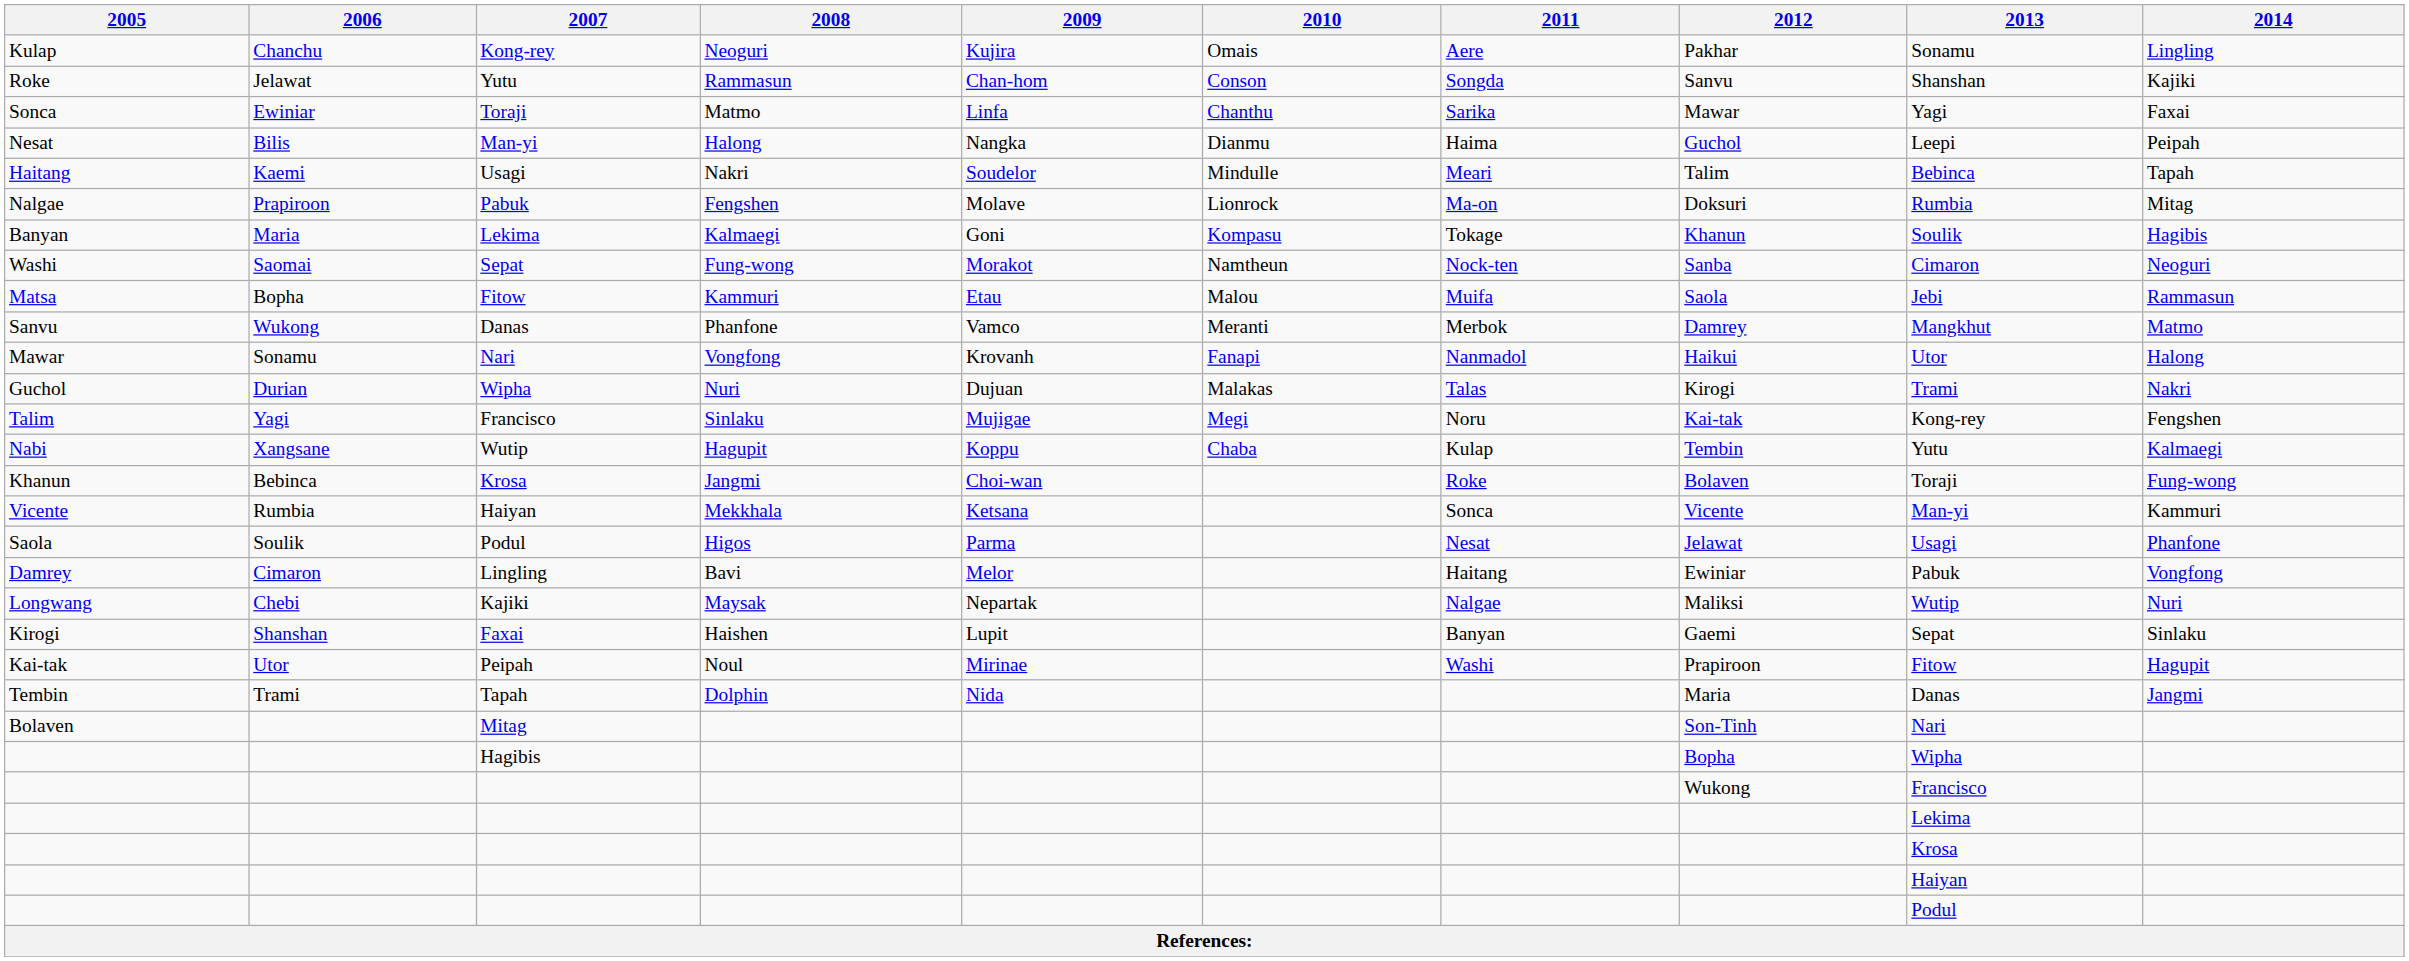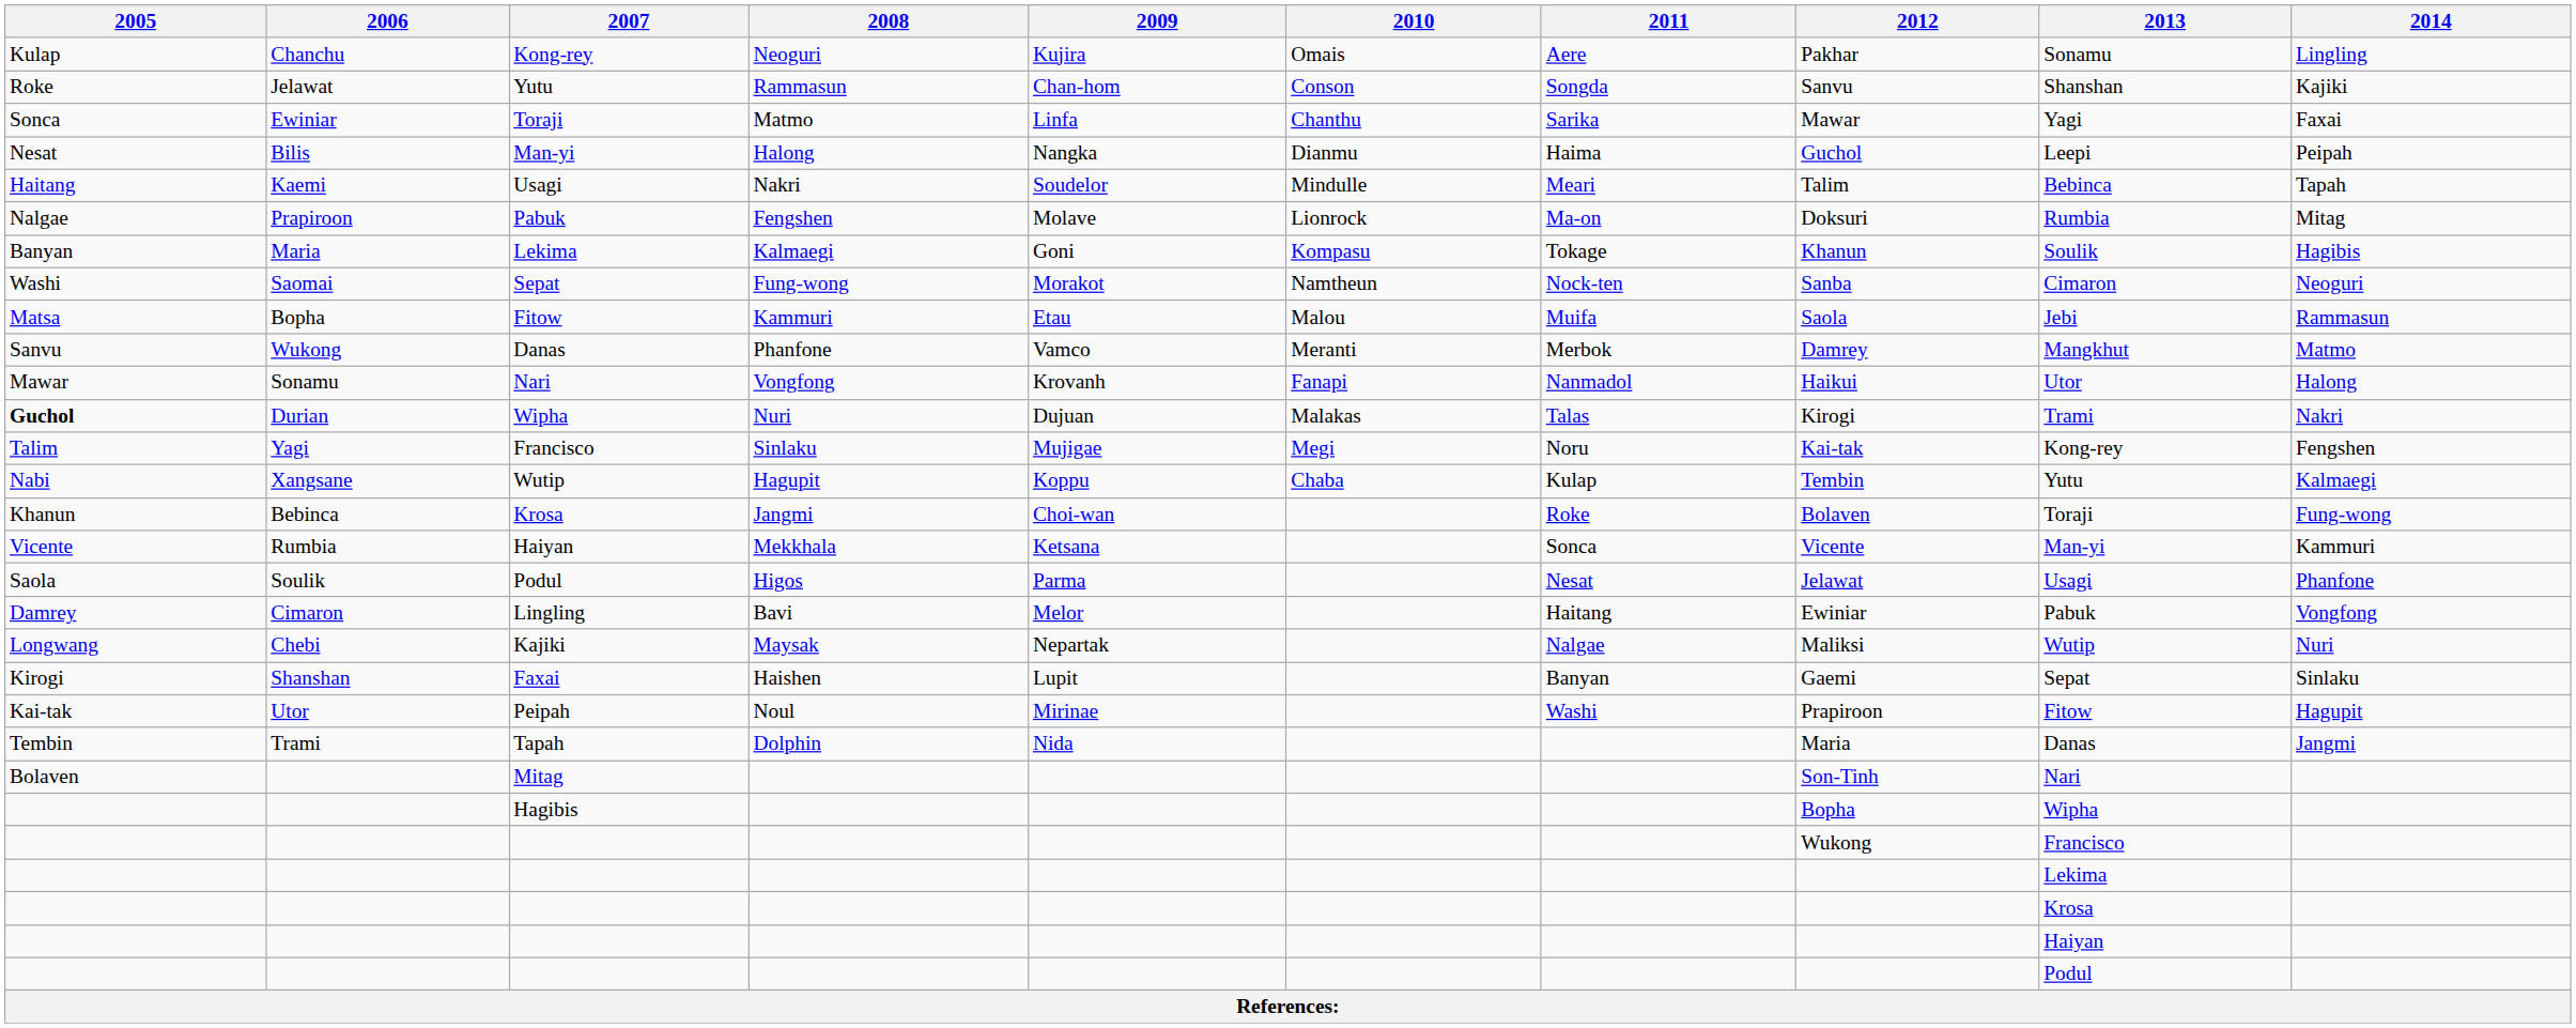 <table class="wikitable" width="100%">
 <tr>
 <th><a href='#'>2005</a></th>
 <th><a href='#'>2006</a></th>
 <th><a href='#'>2007</a></th>
 <th><a href='#'>2008</a></th>
 <th><a href='#'>2009</a></th>
 <th><a href='#'>2010</a></th>
 <th><a href='#'>2011</a></th>
 <th><a href='#'>2012</a></th>
 <th><a href='#'>2013</a></th>
 <th><a href='#'>2014</a></th>
 </tr>
 <tr>
 <td>Kulap</td>
 <td><a href='#'>Chanchu</a></td>
 <td><a href='#'>Kong-rey</a></td>
 <td><a href='#'>Neoguri</a></td>
 <td><a href='#'>Kujira</a></td>
 <td>Omais</td>
 <td><a href='#'>Aere</a></td>
 <td>Pakhar</td>
 <td>Sonamu</td>
 <td><a href='#'>Lingling</a></td>
 </tr>
 <tr>
 <td>Roke</td>
 <td>Jelawat</td>
 <td>Yutu</td>
 <td><a href='#'>Rammasun</a></td>
 <td><a href='#'>Chan-hom</a></td>
 <td><a href='#'>Conson</a></td>
 <td><a href='#'>Songda</a></td>
 <td>Sanvu</td>
 <td>Shanshan</td>
 <td>Kajiki</td>
 </tr>
 <tr>
 <td>Sonca</td>
 <td><a href='#'>Ewiniar</a></td>
 <td><a href='#'>Toraji</a></td>
 <td>Matmo</td>
 <td><a href='#'>Linfa</a></td>
 <td><a href='#'>Chanthu</a></td>
 <td><a href='#'>Sarika</a></td>
 <td>Mawar</td>
 <td>Yagi</td>
 <td>Faxai</td>
 </tr>
 <tr>
 <td>Nesat</td>
 <td><a href='#'>Bilis</a></td>
 <td><a href='#'>Man-yi</a></td>
 <td><a href='#'>Halong</a></td>
 <td>Nangka</td>
 <td>Dianmu</td>
 <td>Haima</td>
 <td><a href='#'>Guchol</a></td>
 <td>Leepi</td>
 <td>Peipah</td>
 </tr>
 <tr>
 <td><a href='#'>Haitang</a></td>
 <td><a href='#'>Kaemi</a></td>
 <td>Usagi</td>
 <td>Nakri</td>
 <td><a href='#'>Soudelor</a></td>
 <td>Mindulle</td>
 <td><a href='#'>Meari</a></td>
 <td>Talim</td>
 <td><a href='#'>Bebinca</a></td>
 <td>Tapah</td>
 </tr>
 <tr>
 <td>Nalgae</td>
 <td><a href='#'>Prapiroon</a></td>
 <td><a href='#'>Pabuk</a></td>
 <td><a href='#'>Fengshen</a></td>
 <td>Molave</td>
 <td>Lionrock</td>
 <td><a href='#'>Ma-on</a></td>
 <td>Doksuri</td>
 <td><a href='#'>Rumbia</a></td>
 <td>Mitag</td>
 </tr>
 <tr>
 <td>Banyan</td>
 <td><a href='#'>Maria</a></td>
 <td><a href='#'>Lekima</a></td>
 <td><a href='#'>Kalmaegi</a></td>
 <td>Goni</td>
 <td><a href='#'>Kompasu</a></td>
 <td>Tokage</td>
 <td><a href='#'>Khanun</a></td>
 <td><a href='#'>Soulik</a></td>
 <td><a href='#'>Hagibis</a></td>
 </tr>
 <tr>
 <td>Washi</td>
 <td><a href='#'>Saomai</a></td>
 <td><a href='#'>Sepat</a></td>
 <td><a href='#'>Fung-wong</a></td>
 <td><a href='#'>Morakot</a></td>
 <td>Namtheun</td>
 <td><a href='#'>Nock-ten</a></td>
 <td><a href='#'>Sanba</a></td>
 <td><a href='#'>Cimaron</a></td>
 <td><a href='#'>Neoguri</a></td>
 </tr>
 <tr>
 <td><a href='#'>Matsa</a></td>
 <td>Bopha</td>
 <td><a href='#'>Fitow</a></td>
 <td><a href='#'>Kammuri</a></td>
 <td><a href='#'>Etau</a></td>
 <td>Malou</td>
 <td><a href='#'>Muifa</a></td>
 <td><a href='#'>Saola</a></td>
 <td><a href='#'>Jebi</a></td>
 <td><a href='#'>Rammasun</a></td>
 </tr>
 <tr>
 <td>Sanvu</td>
 <td><a href='#'>Wukong</a></td>
 <td>Danas</td>
 <td>Phanfone</td>
 <td>Vamco</td>
 <td>Meranti</td>
 <td>Merbok</td>
 <td><a href='#'>Damrey</a></td>
 <td><a href='#'>Mangkhut</a></td>
 <td><a href='#'>Matmo</a></td>
 </tr>
 <tr>
 <td>Mawar</td>
 <td>Sonamu</td>
 <td><a href='#'>Nari</a></td>
 <td><a href='#'>Vongfong</a></td>
 <td>Krovanh</td>
 <td><a href='#'>Fanapi</a></td>
 <td><a href='#'>Nanmadol</a></td>
 <td><a href='#'>Haikui</a></td>
 <td><a href='#'>Utor</a></td>
 <td><a href='#'>Halong</a></td>
 </tr>
 <tr>
-<td>Guchol</td>
+<td><strong>Guchol</strong></td>
 <td><a href='#'>Durian</a></td>
 <td><a href='#'>Wipha</a></td>
 <td><a href='#'>Nuri</a></td>
 <td>Dujuan</td>
 <td>Malakas</td>
 <td><a href='#'>Talas</a></td>
 <td>Kirogi</td>
 <td><a href='#'>Trami</a></td>
 <td><a href='#'>Nakri</a></td>
 </tr>
 <tr>
 <td><a href='#'>Talim</a></td>
 <td><a href='#'>Yagi</a></td>
 <td>Francisco</td>
 <td><a href='#'>Sinlaku</a></td>
 <td><a href='#'>Mujigae</a></td>
 <td><a href='#'>Megi</a></td>
 <td>Noru</td>
 <td><a href='#'>Kai-tak</a></td>
 <td>Kong-rey</td>
 <td>Fengshen</td>
 </tr>
 <tr>
 <td><a href='#'>Nabi</a></td>
 <td><a href='#'>Xangsane</a></td>
 <td>Wutip</td>
 <td><a href='#'>Hagupit</a></td>
 <td><a href='#'>Koppu</a></td>
 <td><a href='#'>Chaba</a></td>
 <td>Kulap</td>
 <td><a href='#'>Tembin</a></td>
 <td>Yutu</td>
 <td><a href='#'>Kalmaegi</a></td>
 </tr>
 <tr>
 <td>Khanun</td>
 <td>Bebinca</td>
 <td><a href='#'>Krosa</a></td>
 <td><a href='#'>Jangmi</a></td>
 <td><a href='#'>Choi-wan</a></td>
 <td></td>
 <td><a href='#'>Roke</a></td>
 <td><a href='#'>Bolaven</a></td>
 <td>Toraji</td>
 <td><a href='#'>Fung-wong</a></td>
 </tr>
 <tr>
 <td><a href='#'>Vicente</a></td>
 <td>Rumbia</td>
 <td>Haiyan</td>
 <td><a href='#'>Mekkhala</a></td>
 <td><a href='#'>Ketsana</a></td>
 <td></td>
 <td>Sonca</td>
 <td><a href='#'>Vicente</a></td>
 <td><a href='#'>Man-yi</a></td>
 <td>Kammuri</td>
 </tr>
 <tr>
 <td>Saola</td>
 <td>Soulik</td>
 <td>Podul</td>
 <td><a href='#'>Higos</a></td>
 <td><a href='#'>Parma</a></td>
 <td></td>
 <td><a href='#'>Nesat</a></td>
 <td><a href='#'>Jelawat</a></td>
 <td><a href='#'>Usagi</a></td>
 <td><a href='#'>Phanfone</a></td>
 </tr>
 <tr>
 <td><a href='#'>Damrey</a></td>
 <td><a href='#'>Cimaron</a></td>
 <td>Lingling</td>
 <td>Bavi</td>
 <td><a href='#'>Melor</a></td>
 <td></td>
 <td>Haitang</td>
 <td>Ewiniar</td>
 <td>Pabuk</td>
 <td><a href='#'>Vongfong</a></td>
 </tr>
 <tr>
 <td><a href='#'>Longwang</a></td>
 <td><a href='#'>Chebi</a></td>
 <td>Kajiki</td>
 <td><a href='#'>Maysak</a></td>
 <td>Nepartak</td>
 <td></td>
 <td><a href='#'>Nalgae</a></td>
 <td>Maliksi</td>
 <td><a href='#'>Wutip</a></td>
 <td><a href='#'>Nuri</a></td>
 </tr>
 <tr>
 <td>Kirogi</td>
 <td><a href='#'>Shanshan</a></td>
 <td><a href='#'>Faxai</a></td>
 <td>Haishen</td>
 <td>Lupit</td>
 <td></td>
 <td>Banyan</td>
 <td>Gaemi</td>
 <td>Sepat</td>
 <td>Sinlaku</td>
 </tr>
 <tr>
 <td>Kai-tak</td>
 <td><a href='#'>Utor</a></td>
 <td>Peipah</td>
 <td>Noul</td>
 <td><a href='#'>Mirinae</a></td>
 <td></td>
 <td><a href='#'>Washi</a></td>
 <td>Prapiroon</td>
 <td><a href='#'>Fitow</a></td>
 <td><a href='#'>Hagupit</a></td>
 </tr>
 <tr>
 <td>Tembin</td>
 <td>Trami</td>
 <td>Tapah</td>
 <td><a href='#'>Dolphin</a></td>
 <td><a href='#'>Nida</a></td>
 <td></td>
 <td></td>
 <td>Maria</td>
 <td>Danas</td>
 <td><a href='#'>Jangmi</a></td>
 </tr>
 <tr>
 <td>Bolaven</td>
 <td></td>
 <td><a href='#'>Mitag</a></td>
 <td></td>
 <td></td>
 <td></td>
 <td></td>
 <td><a href='#'>Son-Tinh</a></td>
 <td><a href='#'>Nari</a></td>
 <td></td>
 </tr>
 <tr>
 <td></td>
 <td></td>
 <td>Hagibis</td>
 <td></td>
 <td></td>
 <td></td>
 <td></td>
 <td><a href='#'>Bopha</a></td>
 <td><a href='#'>Wipha</a></td>
 <td></td>
 </tr>
 <tr>
 <td></td>
 <td></td>
 <td></td>
 <td></td>
 <td></td>
 <td></td>
 <td></td>
 <td>Wukong</td>
 <td><a href='#'>Francisco</a></td>
 <td></td>
 </tr>
 <tr>
 <td></td>
 <td></td>
 <td></td>
 <td></td>
 <td></td>
 <td></td>
 <td></td>
 <td></td>
 <td><a href='#'>Lekima</a></td>
 <td></td>
 </tr>
 <tr>
 <td></td>
 <td></td>
 <td></td>
 <td></td>
 <td></td>
 <td></td>
 <td></td>
 <td></td>
 <td><a href='#'>Krosa</a></td>
 <td></td>
 </tr>
 <tr>
 <td></td>
 <td></td>
 <td></td>
 <td></td>
 <td></td>
 <td></td>
 <td></td>
 <td></td>
 <td><a href='#'>Haiyan</a></td>
 <td></td>
 </tr>
 <tr>
 <td></td>
 <td></td>
 <td></td>
 <td></td>
 <td></td>
 <td></td>
 <td></td>
 <td></td>
 <td><a href='#'>Podul</a></td>
 <td></td>
 </tr>
 <tr>
 <th colspan=10>References:</th>
 </tr>
 </table>
